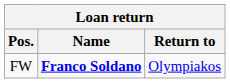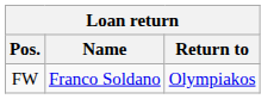 <table class="wikitable" style="font-size:95%;">
 <tr>
 <th colspan="5">Loan return</th>
 </tr>
 <tr>
 <th>Pos.</th>
 <th>Name</th>
 <th>Return to</th>
 </tr>
 <tr>
 <td align="center">FW</td>
-<td><strong> <a href='#'>Franco Soldano</a></strong></td>
+<td> <a href='#'>Franco Soldano</a></td>
 <td> <a href='#'>Olympiakos</a></td>
 </tr>
 </table>
